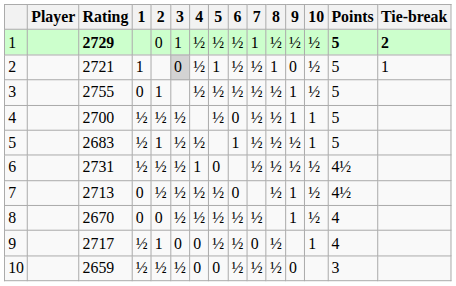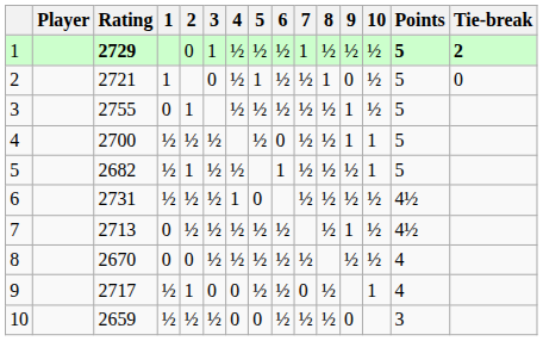 <table class=wikitable>
 <tr>
 <th></th>
 <th>Player</th>
 <th>Rating</th>
 <th>1</th>
 <th>2</th>
 <th>3</th>
 <th>4</th>
 <th>5</th>
 <th>6</th>
 <th>7</th>
 <th>8</th>
 <th>9</th>
 <th>10</th>
 <th>Points</th>
 <th>Tie-break</th>
 </tr>
 <tr style="background:#ccffcc">
 <td>1</td>
 <td><strong></strong></td>
 <td><strong>2729</strong></td>
 <td></td>
 <td>0</td>
 <td>1</td>
 <td>½</td>
 <td>½</td>
 <td>½</td>
 <td>1</td>
 <td>½</td>
 <td>½</td>
 <td>½</td>
 <td><strong>5</strong></td>
 <td><strong>2</strong></td>
 </tr>
 <tr>
 <td>2</td>
 <td></td>
 <td>2721</td>
 <td>1</td>
 <td></td>
-<td style="background: lightgrey;">0</td>
+<td>0</td>
 <td>½</td>
 <td>1</td>
 <td>½</td>
 <td>½</td>
 <td>1</td>
 <td>0</td>
 <td>½</td>
 <td>5</td>
-<td>1</td>
+<td>0</td>
 </tr>
 <tr>
 <td>3</td>
 <td></td>
 <td>2755</td>
 <td>0</td>
 <td>1</td>
 <td></td>
 <td>½</td>
 <td>½</td>
 <td>½</td>
 <td>½</td>
 <td>½</td>
 <td>1</td>
 <td>½</td>
 <td>5</td>
 <td></td>
 </tr>
 <tr>
 <td>4</td>
 <td></td>
 <td>2700</td>
 <td>½</td>
 <td>½</td>
 <td>½</td>
 <td></td>
 <td>½</td>
 <td>0</td>
 <td>½</td>
 <td>½</td>
 <td>1</td>
 <td>1</td>
 <td>5</td>
 <td></td>
 </tr>
 <tr>
 <td>5</td>
 <td></td>
-<td>2683</td>
+<td>2682</td>
 <td>½</td>
 <td>1</td>
 <td>½</td>
 <td>½</td>
 <td></td>
 <td>1</td>
 <td>½</td>
 <td>½</td>
 <td>½</td>
 <td>1</td>
 <td>5</td>
 <td></td>
 </tr>
 <tr>
 <td>6</td>
 <td></td>
 <td>2731</td>
 <td>½</td>
 <td>½</td>
 <td>½</td>
 <td>1</td>
 <td>0</td>
 <td></td>
 <td>½</td>
 <td>½</td>
 <td>½</td>
 <td>½</td>
 <td>4½</td>
 <td></td>
 </tr>
 <tr>
 <td>7</td>
 <td></td>
 <td>2713</td>
 <td>0</td>
 <td>½</td>
 <td>½</td>
 <td>½</td>
 <td>½</td>
-<td>0</td>
+<td>½</td>
 <td></td>
 <td>½</td>
 <td>1</td>
 <td>½</td>
 <td>4½</td>
 <td></td>
 </tr>
 <tr>
 <td>8</td>
 <td></td>
 <td>2670</td>
 <td>0</td>
 <td>0</td>
 <td>½</td>
 <td>½</td>
 <td>½</td>
 <td>½</td>
 <td>½</td>
 <td></td>
-<td>1</td>
+<td>½</td>
 <td>½</td>
 <td>4</td>
 <td></td>
 </tr>
 <tr>
 <td>9</td>
 <td></td>
 <td>2717</td>
 <td>½</td>
 <td>1</td>
 <td>0</td>
 <td>0</td>
 <td>½</td>
 <td>½</td>
 <td>0</td>
 <td>½</td>
 <td></td>
 <td>1</td>
 <td>4</td>
 <td></td>
 </tr>
 <tr>
 <td>10</td>
 <td></td>
 <td>2659</td>
 <td>½</td>
 <td>½</td>
 <td>½</td>
 <td>0</td>
 <td>0</td>
 <td>½</td>
 <td>½</td>
 <td>½</td>
 <td>0</td>
 <td></td>
 <td>3</td>
 <td></td>
 </tr>
 </table>
